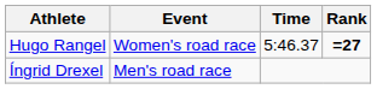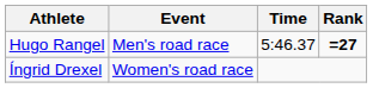 <table class="wikitable" style="font-size:90%">
 <tr>
 <th>Athlete</th>
 <th>Event</th>
 <th>Time</th>
 <th>Rank</th>
 </tr>
 <tr align=center>
 <td align=left><a href='#'>Hugo Rangel</a></td>
-<td align=left><a href='#'>Women's road race</a></td>
+<td align=left><a href='#'>Men's road race</a></td>
 <td>5:46.37</td>
 <td><strong>=27</strong></td>
 </tr>
 <tr align=center>
 <td align=left><a href='#'>Íngrid Drexel</a></td>
-<td align=left><a href='#'>Men's road race</a></td>
+<td align=left><a href='#'>Women's road race</a></td>
 <td colspan=2></td>
 </tr>
 </table>
